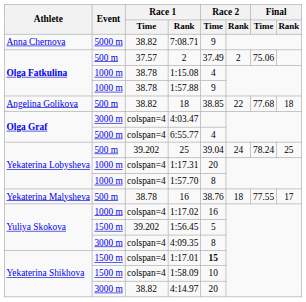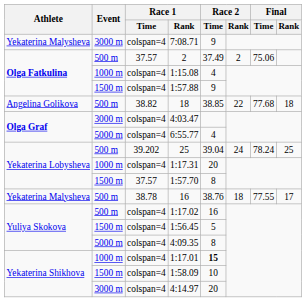 <table class="wikitable" style="font-size:90%">
 <tr>
 <th rowspan=2>Athlete</th>
 <th rowspan=2>Event</th>
 <th colspan=2>Race 1</th>
 <th colspan=2>Race 2</th>
 <th colspan=2>Final</th>
 </tr>
 <tr style="font-size:95%">
 <th>Time</th>
 <th>Rank</th>
 <th>Time</th>
 <th>Rank</th>
 <th>Time</th>
 <th>Rank</th>
 </tr>
 <tr align=center>
-<td align=left><a href='#'>Anna Chernova</a></td>
-<td align=left><a href='#'>5000 m</a></td>
-<td>38.82</td>
+<td align=left><a href='#'>Yekaterina Malysheva</a></td>
+<td align=left><a href='#'>3000 m</a></td>
+<td>colspan=4 </td>
 <td>7:08.71</td>
 <td>9</td>
 </tr>
 <tr align=center>
 <td align=left rowspan=3><strong><a href='#'>Olga Fatkulina</a></strong></td>
 <td align=left><a href='#'>500 m</a></td>
 <td>37.57</td>
 <td>2</td>
 <td>37.49</td>
 <td>2</td>
 <td>75.06</td>
 <td></td>
 </tr>
 <tr align=center>
 <td align=left><a href='#'>1000 m</a></td>
-<td>38.78</td>
+<td>colspan=4 </td>
 <td>1:15.08</td>
 <td>4</td>
 </tr>
 <tr align=center>
-<td align=left><a href='#'>1000 m</a></td>
-<td>38.78</td>
+<td align=left><a href='#'>1500 m</a></td>
+<td>colspan=4 </td>
 <td>1:57.88</td>
 <td>9</td>
 </tr>
 <tr align=center>
 <td align=left><a href='#'>Angelina Golikova</a></td>
 <td align=left><a href='#'>500 m</a></td>
 <td>38.82</td>
 <td>18</td>
 <td>38.85</td>
 <td>22</td>
 <td>77.68</td>
 <td>18</td>
 </tr>
 <tr align=center>
 <td align=left rowspan=2><strong><a href='#'>Olga Graf</a></strong></td>
 <td align=left><a href='#'>3000 m</a></td>
 <td>colspan=4 </td>
 <td>4:03.47</td>
 <td></td>
 </tr>
 <tr align=center>
 <td align=left><a href='#'>5000 m</a></td>
 <td>colspan=4 </td>
 <td>6:55.77</td>
 <td>4</td>
 </tr>
 <tr align=center>
 <td align=left rowspan=3><a href='#'>Yekaterina Lobysheva</a></td>
 <td align=left><a href='#'>500 m</a></td>
 <td>39.202</td>
 <td>25</td>
 <td>39.04</td>
 <td>24</td>
 <td>78.24</td>
 <td>25</td>
 </tr>
 <tr align=center>
 <td align=left><a href='#'>1000 m</a></td>
 <td>colspan=4 </td>
 <td>1:17.31</td>
 <td>20</td>
 </tr>
 <tr align=center>
-<td align=left><a href='#'>1000 m</a></td>
-<td>colspan=4 </td>
+<td align=left><a href='#'>1500 m</a></td>
+<td>37.57</td>
 <td>1:57.70</td>
 <td>8</td>
 </tr>
 <tr align=center>
 <td align=left><a href='#'>Yekaterina Malysheva</a></td>
 <td align=left><a href='#'>500 m</a></td>
 <td>38.78</td>
 <td>16</td>
 <td>38.76</td>
 <td>18</td>
 <td>77.55</td>
 <td>17</td>
 </tr>
 <tr align=center>
 <td align=left rowspan=3><a href='#'>Yuliya Skokova</a></td>
-<td align=left><a href='#'>1000 m</a></td>
+<td align=left><a href='#'>500 m</a></td>
 <td>colspan=4 </td>
 <td>1:17.02</td>
 <td>16</td>
 </tr>
 <tr align=center>
 <td align=left><a href='#'>1500 m</a></td>
-<td>39.202</td>
+<td>colspan=4 </td>
 <td>1:56.45</td>
 <td>5</td>
 </tr>
 <tr align=center>
-<td align=left><a href='#'>3000 m</a></td>
+<td align=left><a href='#'>5000 m</a></td>
 <td>colspan=4 </td>
 <td>4:09.35</td>
 <td>8</td>
 </tr>
 <tr align=center>
 <td align=left rowspan=3><a href='#'>Yekaterina Shikhova</a></td>
-<td align=left><a href='#'>1500 m</a></td>
+<td align=left><a href='#'>1000 m</a></td>
 <td>colspan=4 </td>
 <td>1:17.01</td>
 <td><strong>15</strong></td>
 </tr>
 <tr align=center>
 <td align=left><a href='#'>1500 m</a></td>
 <td>colspan=4 </td>
 <td>1:58.09</td>
 <td>10</td>
 </tr>
 <tr align=center>
 <td align=left><a href='#'>3000 m</a></td>
-<td>38.82</td>
+<td>colspan=4 </td>
 <td>4:14.97</td>
 <td>20</td>
 </tr>
 </table>
